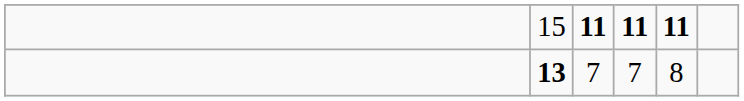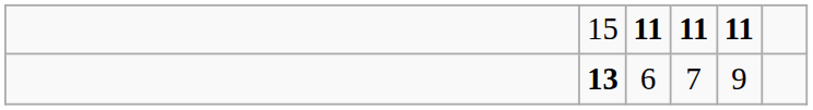 <table class="wikitable">
 <tr>
 <td style="width:18em"></td>
 <td align=center style="width:1em">15</td>
 <td align=center style="width:1em"><strong>11</strong></td>
 <td align=center style="width:1em"><strong>11</strong></td>
 <td align=center style="width:1em"><strong>11</strong></td>
 <td align=center style="width:1em"></td>
 </tr>
 <tr>
 <td style="width:18em"></td>
 <td align=center style="width:1em"><strong>13</strong></td>
+<td align=center style="width:1em">6</td>
 <td align=center style="width:1em">7</td>
-<td align=center style="width:1em">7</td>
-<td align=center style="width:1em">8</td>
+<td align=center style="width:1em">9</td>
 <td align=center style="width:1em"></td>
 </tr>
 </table>
